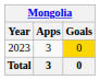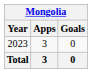 <table class="wikitable" style="text-align:center">
 <tr>
 <th colspan=3><a href='#'>Mongolia</a></th>
 </tr>
 <tr>
 <th>Year</th>
 <th>Apps</th>
 <th>Goals</th>
 </tr>
 <tr>
 <td>2023</td>
 <td>3</td>
-<td style="background: gold;">0</td>
+<td>0</td>
 </tr>
 <tr>
 <th>Total</th>
 <th>3</th>
 <th>0</th>
 </tr>
 </table>
